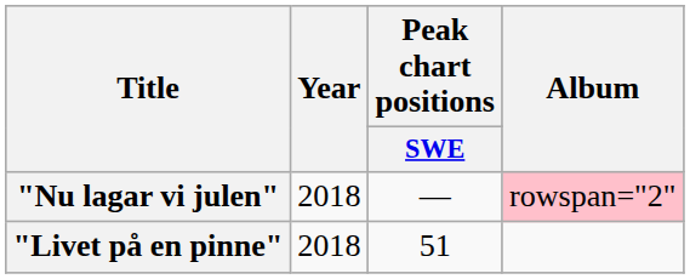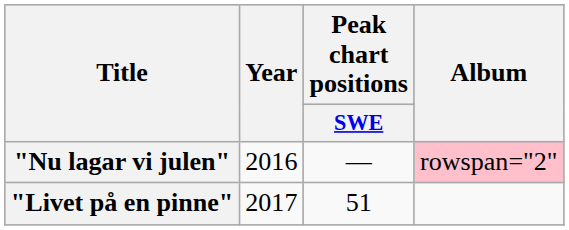 <table class="wikitable plainrowheaders" style="text-align:center;">
 <tr>
 <th scope="col" rowspan="2">Title</th>
 <th scope="col" rowspan="2">Year</th>
 <th scope="col" colspan="1">Peak chart positions</th>
 <th scope="col" rowspan="2">Album</th>
 </tr>
 <tr>
 <th scope="col" style="width:3em;font-size:85%;"><a href='#'>SWE</a></th>
 </tr>
 <tr>
 <th scope="row">"Nu lagar vi julen"</th>
-<td>2018</td>
+<td>2016</td>
 <td>—</td>
 <td style="background: pink;">rowspan="2" </td>
 </tr>
 <tr>
 <th scope="row">"Livet på en pinne"</th>
-<td>2018</td>
+<td>2017</td>
 <td>51<br></td>
 </tr>
 </table>
